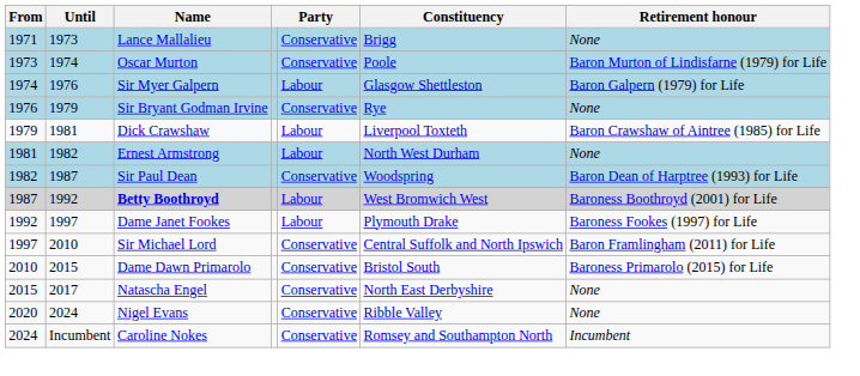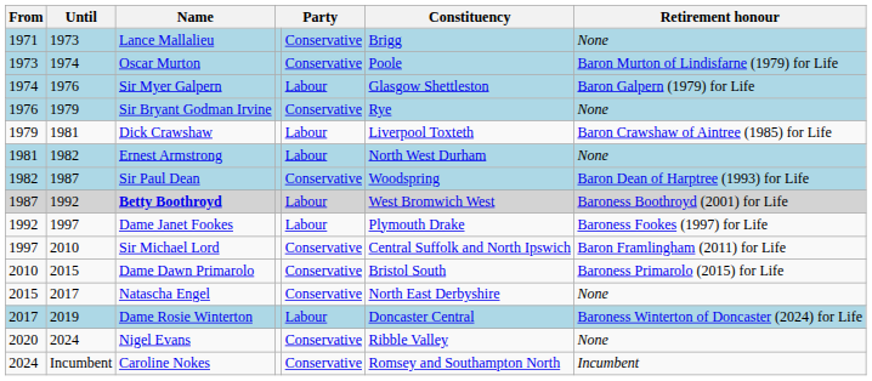 <table class="wikitable">
 <tr>
 <th>From</th>
 <th>Until</th>
 <th>Name</th>
 <th colspan=2>Party</th>
 <th>Constituency</th>
 <th>Retirement honour</th>
 </tr>
 <tr bgcolor=lightblue>
 <td>1971</td>
 <td>1973</td>
 <td><a href='#'>Lance Mallalieu</a></td>
 <td style="background-color: "></td>
 <td><a href='#'>Conservative</a></td>
 <td><a href='#'>Brigg</a></td>
 <td><em>None</em></td>
 </tr>
 <tr bgcolor=lightblue>
 <td>1973</td>
 <td>1974</td>
 <td><a href='#'>Oscar Murton</a></td>
 <td style="background-color: "></td>
 <td><a href='#'>Conservative</a></td>
 <td><a href='#'>Poole</a></td>
 <td><a href='#'>Baron Murton of Lindisfarne</a> (1979) for Life</td>
 </tr>
 <tr bgcolor=lightblue>
 <td>1974</td>
 <td>1976</td>
 <td><a href='#'>Sir Myer Galpern</a></td>
 <td style="background-color: "></td>
 <td><a href='#'>Labour</a></td>
 <td><a href='#'>Glasgow Shettleston</a></td>
 <td><a href='#'>Baron Galpern</a> (1979) for Life</td>
 </tr>
 <tr bgcolor=lightblue>
 <td>1976</td>
 <td>1979</td>
 <td><a href='#'>Sir Bryant Godman Irvine</a></td>
 <td style="background-color: "></td>
 <td><a href='#'>Conservative</a></td>
 <td><a href='#'>Rye</a></td>
 <td><em>None</em></td>
 </tr>
 <tr>
 <td>1979</td>
 <td>1981</td>
 <td><a href='#'>Dick Crawshaw</a></td>
 <td style="background-color: "></td>
 <td><a href='#'>Labour</a></td>
 <td><a href='#'>Liverpool Toxteth</a></td>
 <td><a href='#'>Baron Crawshaw of Aintree</a> (1985) for Life</td>
 </tr>
 <tr bgcolor=lightblue>
 <td>1981</td>
 <td>1982</td>
 <td><a href='#'>Ernest Armstrong</a></td>
 <td style="background-color: "></td>
 <td><a href='#'>Labour</a></td>
 <td><a href='#'>North West Durham</a></td>
 <td><em>None</em></td>
 </tr>
 <tr bgcolor=lightblue>
 <td>1982</td>
 <td>1987</td>
 <td><a href='#'>Sir Paul Dean</a></td>
 <td style="background-color: "></td>
 <td><a href='#'>Conservative</a></td>
 <td><a href='#'>Woodspring</a></td>
 <td><a href='#'>Baron Dean of Harptree</a> (1993) for Life</td>
 </tr>
 <tr bgcolor=LightGrey>
 <td>1987</td>
 <td>1992</td>
 <td><strong><a href='#'>Betty Boothroyd</a></strong></td>
 <td style="background-color: "></td>
 <td><a href='#'>Labour</a></td>
 <td><a href='#'>West Bromwich West</a></td>
 <td><a href='#'>Baroness Boothroyd</a> (2001) for Life</td>
 </tr>
 <tr>
 <td>1992</td>
 <td>1997</td>
 <td><a href='#'>Dame Janet Fookes</a></td>
 <td style="background-color: "></td>
 <td><a href='#'>Labour</a></td>
 <td><a href='#'>Plymouth Drake</a></td>
 <td><a href='#'>Baroness Fookes</a> (1997) for Life</td>
 </tr>
 <tr>
 <td>1997</td>
 <td>2010</td>
 <td><a href='#'>Sir Michael Lord</a></td>
 <td style="background-color: "></td>
 <td><a href='#'>Conservative</a></td>
 <td><a href='#'>Central Suffolk and North Ipswich</a></td>
 <td><a href='#'>Baron Framlingham</a> (2011) for Life</td>
 </tr>
 <tr>
 <td>2010</td>
 <td>2015</td>
 <td><a href='#'>Dame Dawn Primarolo</a></td>
 <td style="background-color: "></td>
 <td><a href='#'>Conservative</a></td>
 <td><a href='#'>Bristol South</a></td>
 <td><a href='#'>Baroness Primarolo</a> (2015) for Life</td>
 </tr>
 <tr>
 <td>2015</td>
 <td>2017</td>
 <td><a href='#'>Natascha Engel</a></td>
 <td style="background-color: "></td>
 <td><a href='#'>Conservative</a></td>
 <td><a href='#'>North East Derbyshire</a></td>
 <td><em>None</em></td>
 </tr>
+<tr bgcolor=lightblue>
+<td>2017</td>
+<td>2019</td>
+<td><a href='#'>Dame Rosie Winterton</a></td>
+<td style="background-color: "></td>
+<td><a href='#'>Labour</a></td>
+<td><a href='#'>Doncaster Central</a></td>
+<td><a href='#'>Baroness Winterton of Doncaster</a> (2024) for Life</td>
+</tr>
 <tr>
 <td>2020</td>
 <td>2024</td>
 <td><a href='#'>Nigel Evans</a></td>
 <td style="background-color: "></td>
 <td><a href='#'>Conservative</a></td>
 <td><a href='#'>Ribble Valley</a></td>
 <td><em>None</em></td>
 </tr>
 <tr>
 <td>2024</td>
 <td>Incumbent</td>
 <td><a href='#'>Caroline Nokes</a></td>
 <td style="background-color: "></td>
 <td><a href='#'>Conservative</a></td>
 <td><a href='#'>Romsey and Southampton North</a></td>
 <td><em>Incumbent</em></td>
 </tr>
 </table>
